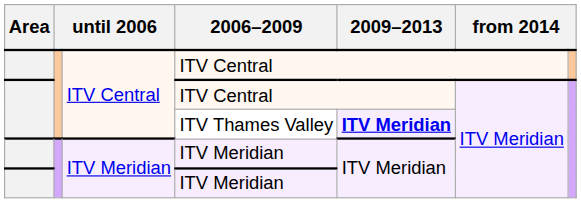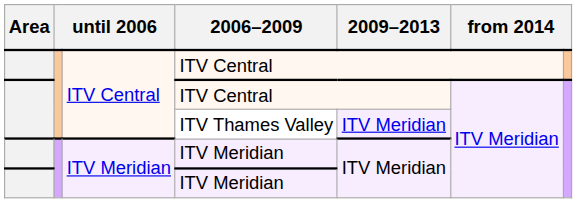 <table class="wikitable sortable" style="line-height:110%;">
 <tr>
 <th scope="row" style="line-height:200%;">Area</th>
 <th colspan="2">until 2006</th>
 <th>2006–2009</th>
 <th>2009–2013</th>
 <th colspan="2">from 2014</th>
 </tr>
 <tr style="border-top: 2px solid black;">
 <th scope="row"></th>
 <td rowspan="3" style="background-color:#fbc89b;"></td>
 <td rowspan="3" style="background-color:#fff7f0;"><a href='#'>ITV Central</a></td>
 <td colspan="3" style="background-color:#fff7f0;">ITV Central</td>
 <td style="background-color:#fbc89b;"></td>
 </tr>
 <tr style="border-top: 2px solid black;">
 <th rowspan="2" scope="row"></th>
 <td colspan="2" style="background-color:#fff7f0;"> ITV Central</td>
 <td rowspan="5" style="background-color:#f7edff;"><a href='#'>ITV Meridian</a></td>
 <td rowspan="5" style="background-color:#d5a8ff;"></td>
 </tr>
 <tr>
 <td rowspan="2" style="background-color:white"> ITV Thames Valley</td>
-<td style="background-color:#f7edff;"><strong> <a href='#'>ITV Meridian</a></strong></td>
+<td style="background-color:#f7edff;"> <a href='#'>ITV Meridian</a></td>
 </tr>
 <tr style="border-top: 2px solid black;">
 <th rowspan="2" scope="row"></th>
 <td rowspan="3" style="background-color:#d5a8ff;"></td>
 <td rowspan="3" style="background-color:#f7edff;"><a href='#'>ITV Meridian</a></td>
 <td rowspan="3" style="background-color:#f7edff;">ITV Meridian</td>
 </tr>
 <tr>
 <td style="background-color:#f7edff;"> ITV Meridian</td>
 </tr>
 <tr style="border-top: 2px solid black;">
 <th scope="row"></th>
 <td style="background-color:#f7edff;">ITV Meridian</td>
 </tr>
 </table>
